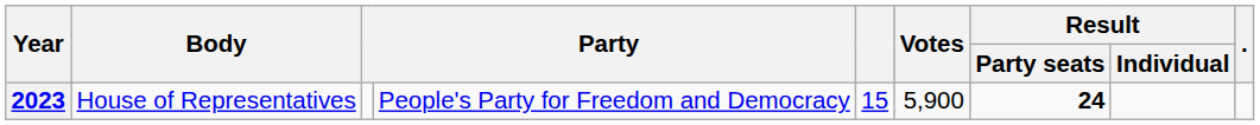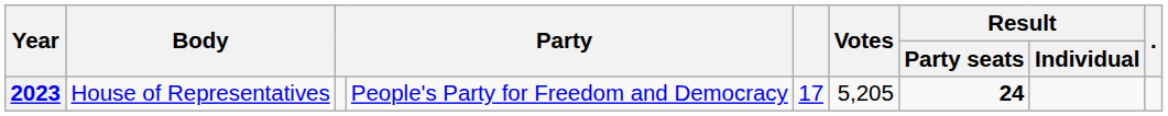 <table class="wikitable plainrowheaders sortable" border=2 cellpadding=4 cellspacing=0 style="border: 1px #aaa solid; font-size: 90%; text-align:center;">
 <tr>
 <th scope="col" rowspan=2>Year</th>
 <th scope="col" rowspan=2>Body</th>
 <th scope="col" colspan=2 rowspan=2>Party</th>
 <th scope="col" rowspan=2></th>
 <th scope="col" rowspan=2>Votes</th>
 <th scope="colgroup" colspan=2>Result</th>
 <th scope="col" rowspan=2 class="unsortable">.</th>
 </tr>
 <tr>
 <th scope="col">Party seats</th>
 <th scope="col">Individual</th>
 </tr>
 <tr>
 <th scope="row"><a href='#'>2023</a></th>
 <td><a href='#'>House of Representatives</a></td>
 <td style="background-color:"></td>
 <td><a href='#'>People's Party for Freedom and Democracy</a></td>
-<td style=text-align:right><a href='#'>15</a></td>
-<td style=text-align:right>5,900</td>
+<td style=text-align:right><a href='#'>17</a></td>
+<td style=text-align:right>5,205</td>
 <td style=text-align:right><strong>24</strong></td>
 <td></td>
 <td></td>
 </tr>
 </table>
